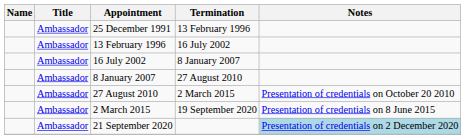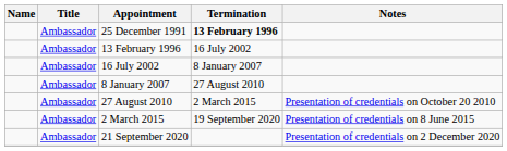 <table class="wikitable">
 <tr valign="middle">
 <th>Name</th>
 <th>Title</th>
 <th>Appointment</th>
 <th>Termination</th>
 <th>Notes</th>
 </tr>
 <tr>
 <td></td>
 <td><a href='#'>Ambassador</a></td>
 <td>25 December 1991</td>
-<td>13 February 1996</td>
+<td><strong>13 February 1996</strong></td>
 <td></td>
 </tr>
 <tr>
 <td></td>
 <td><a href='#'>Ambassador</a></td>
 <td>13 February 1996</td>
 <td>16 July 2002</td>
 <td></td>
 </tr>
 <tr>
 <td></td>
 <td><a href='#'>Ambassador</a></td>
 <td>16 July 2002</td>
 <td>8 January 2007</td>
 <td></td>
 </tr>
 <tr>
 <td></td>
 <td><a href='#'>Ambassador</a></td>
 <td>8 January 2007</td>
 <td>27 August 2010</td>
 <td></td>
 </tr>
 <tr>
 <td></td>
 <td><a href='#'>Ambassador</a></td>
 <td>27 August 2010</td>
 <td>2 March 2015</td>
 <td><a href='#'>Presentation of credentials</a> on October 20 2010</td>
 </tr>
 <tr>
 <td></td>
 <td><a href='#'>Ambassador</a></td>
 <td>2 March 2015</td>
 <td>19 September 2020</td>
 <td><a href='#'>Presentation of credentials</a> on 8 June 2015</td>
 </tr>
 <tr>
 <td></td>
 <td><a href='#'>Ambassador</a></td>
 <td>21 September 2020</td>
 <td></td>
-<td style="background: lightblue;"><a href='#'>Presentation of credentials</a> on 2 December 2020</td>
+<td><a href='#'>Presentation of credentials</a> on 2 December 2020</td>
 </tr>
 <tr>
 </tr>
 </table>
